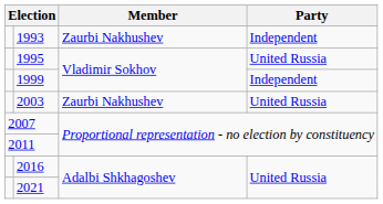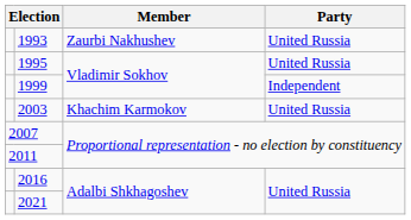 <table class="wikitable">
 <tr>
 <th colspan="2">Election</th>
 <th>Member</th>
 <th>Party</th>
 </tr>
 <tr>
 <td style="background-color:"></td>
 <td><a href='#'>1993</a></td>
 <td><a href='#'>Zaurbi Nakhushev</a></td>
-<td><a href='#'>Independent</a></td>
+<td><a href='#'>United Russia</a></td>
 </tr>
 <tr>
 <td style="background-color:"></td>
 <td><a href='#'>1995</a></td>
 <td rowspan=2><a href='#'>Vladimir Sokhov</a></td>
 <td><a href='#'>United Russia</a></td>
 </tr>
 <tr>
 <td style="background-color:"></td>
 <td><a href='#'>1999</a></td>
 <td><a href='#'>Independent</a></td>
 </tr>
 <tr>
 <td style="background-color:"></td>
 <td><a href='#'>2003</a></td>
-<td><a href='#'>Zaurbi Nakhushev</a></td>
+<td><a href='#'>Khachim Karmokov</a></td>
 <td><a href='#'>United Russia</a></td>
 </tr>
 <tr>
 <td colspan=2><a href='#'>2007</a></td>
 <td colspan=2 rowspan=2><em><a href='#'>Proportional representation</a> - no election by constituency</em></td>
 </tr>
 <tr>
 <td colspan=2><a href='#'>2011</a></td>
 </tr>
 <tr>
 <td style="background-color: "></td>
 <td><a href='#'>2016</a></td>
 <td rowspan=2><a href='#'>Adalbi Shkhagoshev</a></td>
 <td rowspan=2><a href='#'>United Russia</a></td>
 </tr>
 <tr>
 <td style="background-color: "></td>
 <td><a href='#'>2021</a></td>
 </tr>
 </table>
